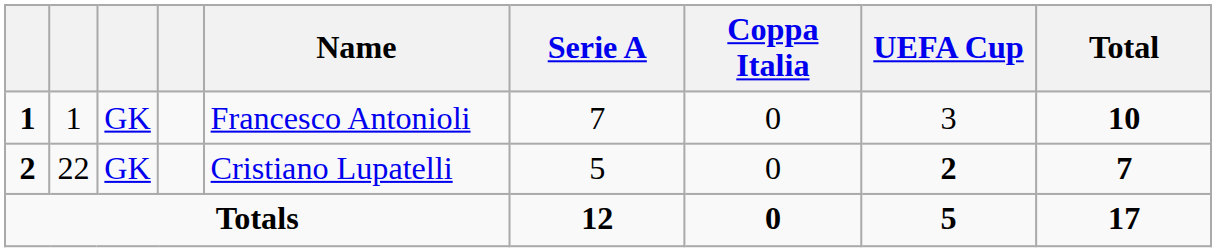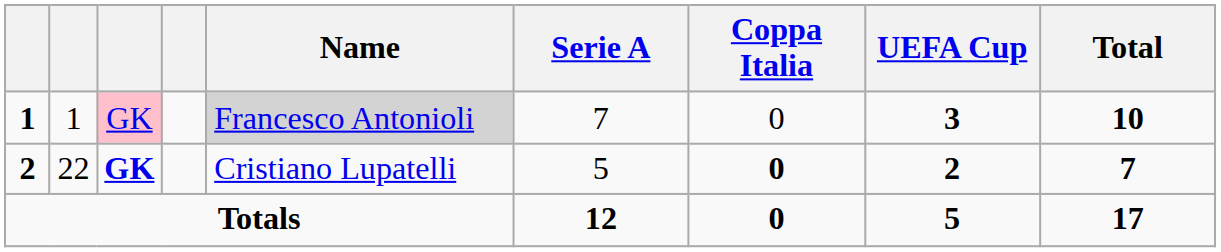 <table class="wikitable" style="text-align:center">
 <tr>
 <th width=15></th>
 <th width=15></th>
 <th width=15></th>
 <th width=15></th>
 <th width=145>Name</th>
 <th width=80><a href='#'>Serie A</a></th>
 <th width=80><a href='#'>Coppa Italia</a></th>
 <th width=80><a href='#'>UEFA Cup</a></th>
 <th width=80>Total</th>
 </tr>
 <tr>
 <td><strong>1</strong></td>
 <td>1</td>
-<td><a href='#'>GK</a></td>
+<td style="background: pink;"><a href='#'>GK</a></td>
 <td></td>
-<td align=left><a href='#'>Francesco Antonioli</a></td>
+<td align=left style="background: lightgrey;"><a href='#'>Francesco Antonioli</a></td>
 <td>7</td>
 <td>0</td>
-<td>3</td>
+<td><strong>3</strong></td>
 <td><strong>10</strong></td>
 </tr>
 <tr>
 <td><strong>2</strong></td>
 <td>22</td>
-<td><a href='#'>GK</a></td>
+<td><strong><a href='#'>GK</a></strong></td>
 <td></td>
 <td align=left><a href='#'>Cristiano Lupatelli</a></td>
 <td>5</td>
-<td>0</td>
+<td><strong>0</strong></td>
 <td><strong>2</strong></td>
 <td><strong>7</strong></td>
 </tr>
 <tr>
 <td colspan=5><strong>Totals</strong></td>
 <td><strong>12</strong></td>
 <td><strong>0</strong></td>
 <td><strong>5</strong></td>
 <td><strong>17</strong></td>
 </tr>
 </table>
